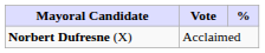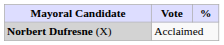 <table class="wikitable">
 <tr>
 <th style="background:#ddf; width:200px;">Mayoral Candidate</th>
 <th style="background:#ddf; width:50px;">Vote</th>
 <th style="background:#ddf; width:30px;">%</th>
 </tr>
 <tr>
-<td><strong>Norbert Dufresne</strong> (X)</td>
+<td style="background: lightgrey;"><strong>Norbert Dufresne</strong> (X)</td>
 <td colspan="2">Acclaimed</td>
 </tr>
 </table>
